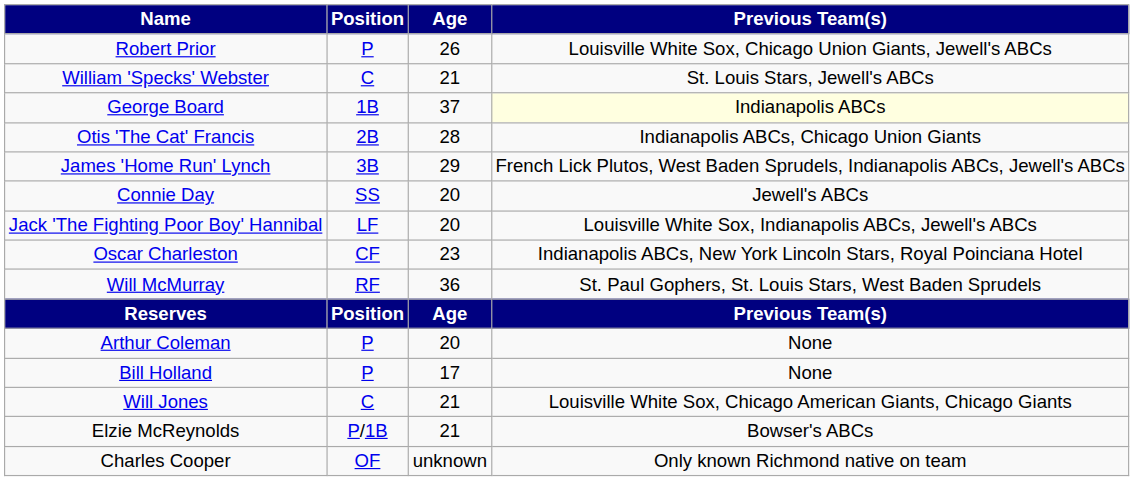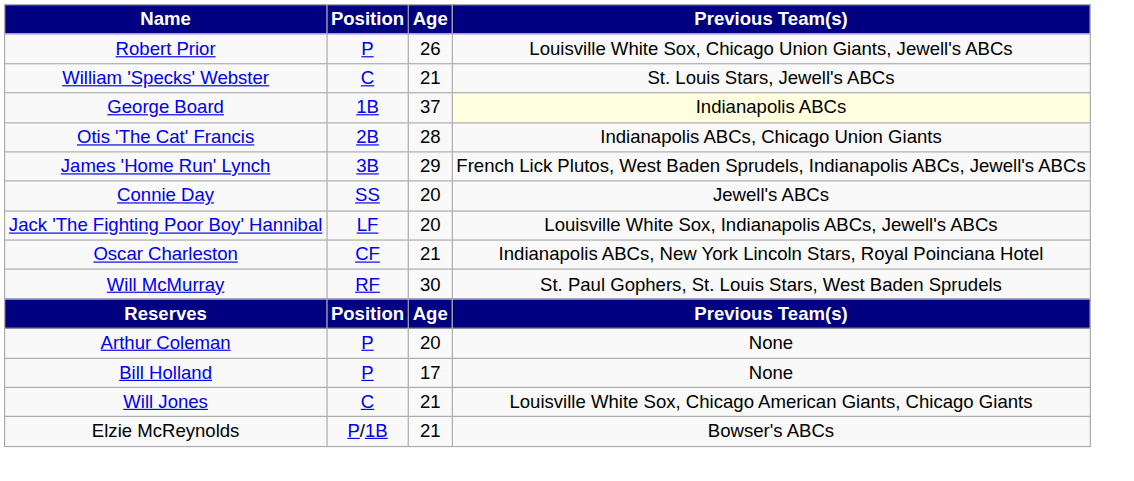 <table class="wikitable" style="text-align:center">
 <tr>
 <th style="background:navy; color:white;">Name</th>
 <th style="background:navy; color:white;">Position</th>
 <th style="background:navy; color:white;">Age</th>
 <th style="background:navy; color:white;">Previous Team(s)</th>
 </tr>
 <tr>
 <td><a href='#'>Robert Prior</a></td>
 <td><a href='#'>P</a></td>
 <td>26</td>
 <td>Louisville White Sox, Chicago Union Giants, Jewell's ABCs</td>
 </tr>
 <tr>
 <td><a href='#'>William 'Specks' Webster</a></td>
 <td><a href='#'>C</a></td>
 <td>21</td>
 <td>St. Louis Stars, Jewell's ABCs</td>
 </tr>
 <tr>
 <td><a href='#'>George Board</a></td>
 <td><a href='#'>1B</a></td>
 <td>37</td>
 <td style="background: lightyellow;">Indianapolis ABCs</td>
 </tr>
 <tr>
 <td><a href='#'>Otis 'The Cat' Francis</a></td>
 <td><a href='#'>2B</a></td>
 <td>28</td>
 <td>Indianapolis ABCs, Chicago Union Giants</td>
 </tr>
 <tr>
 <td><a href='#'>James 'Home Run' Lynch</a></td>
 <td><a href='#'>3B</a></td>
 <td>29</td>
 <td>French Lick Plutos, West Baden Sprudels, Indianapolis ABCs, Jewell's ABCs</td>
 </tr>
 <tr>
 <td><a href='#'>Connie Day</a></td>
 <td><a href='#'>SS</a></td>
 <td>20</td>
 <td>Jewell's ABCs</td>
 </tr>
 <tr>
 <td><a href='#'>Jack 'The Fighting Poor Boy' Hannibal</a></td>
 <td><a href='#'>LF</a></td>
 <td>20</td>
 <td>Louisville White Sox, Indianapolis ABCs, Jewell's ABCs</td>
 </tr>
 <tr>
 <td><a href='#'>Oscar Charleston</a></td>
 <td><a href='#'>CF</a></td>
-<td>23</td>
+<td>21</td>
 <td>Indianapolis ABCs, New York Lincoln Stars, Royal Poinciana Hotel</td>
 </tr>
 <tr>
 <td><a href='#'>Will McMurray</a></td>
 <td><a href='#'>RF</a></td>
-<td>36</td>
+<td>30</td>
 <td>St. Paul Gophers, St. Louis Stars, West Baden Sprudels</td>
 </tr>
 <tr>
 <th style="background:navy; color:white;">Reserves</th>
 <th style="background:navy; color:white;">Position</th>
 <th style="background:navy; color:white;">Age</th>
 <th style="background:navy; color:white;">Previous Team(s)</th>
 </tr>
 <tr>
 <td><a href='#'>Arthur Coleman</a></td>
 <td><a href='#'>P</a></td>
 <td>20</td>
 <td>None</td>
 </tr>
 <tr>
 <td><a href='#'>Bill Holland</a></td>
 <td><a href='#'>P</a></td>
 <td>17</td>
 <td>None</td>
 </tr>
 <tr>
 <td><a href='#'>Will Jones</a></td>
 <td><a href='#'>C</a></td>
 <td>21</td>
 <td>Louisville White Sox, Chicago American Giants, Chicago Giants</td>
 </tr>
 <tr>
 <td>Elzie McReynolds</td>
 <td><a href='#'>P</a>/<a href='#'>1B</a></td>
 <td>21</td>
 <td>Bowser's ABCs</td>
 </tr>
-<tr>
-<td>Charles Cooper</td>
-<td><a href='#'>OF</a></td>
-<td>unknown</td>
-<td>Only known Richmond native on team</td>
-</tr>
 </table>
